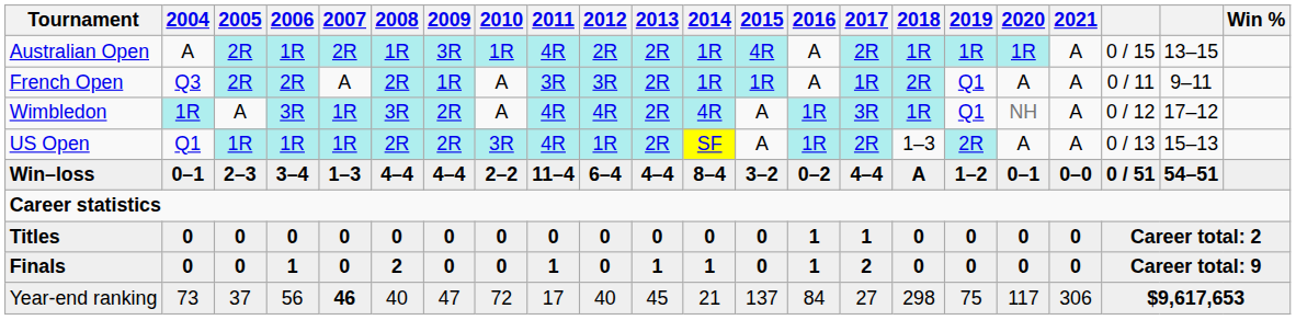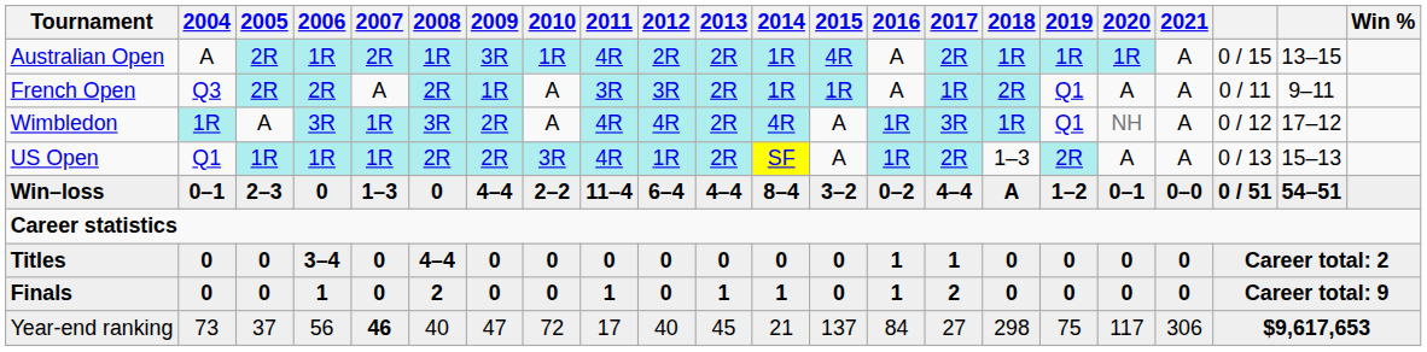 <table class="wikitable nowrap" style="text-align:center;">
 <tr>
 <th>Tournament</th>
 <th><a href='#'>2004</a></th>
 <th><a href='#'>2005</a></th>
 <th><a href='#'>2006</a></th>
 <th><a href='#'>2007</a></th>
 <th><a href='#'>2008</a></th>
 <th><a href='#'>2009</a></th>
 <th><a href='#'>2010</a></th>
 <th><a href='#'>2011</a></th>
 <th><a href='#'>2012</a></th>
 <th><a href='#'>2013</a></th>
 <th><a href='#'>2014</a></th>
 <th><a href='#'>2015</a></th>
 <th><a href='#'>2016</a></th>
 <th><a href='#'>2017</a></th>
 <th><a href='#'>2018</a></th>
 <th><a href='#'>2019</a></th>
 <th><a href='#'>2020</a></th>
 <th><a href='#'>2021</a></th>
 <th></th>
 <th></th>
 <th>Win %</th>
 </tr>
 <tr>
 <td style="text-align:left;"><a href='#'>Australian Open</a></td>
 <td>A</td>
 <td style="background:#afeeee;"><a href='#'>2R</a></td>
 <td style="background:#afeeee;"><a href='#'>1R</a></td>
 <td style="background:#afeeee;"><a href='#'>2R</a></td>
 <td style="background:#afeeee;"><a href='#'>1R</a></td>
 <td style="background:#afeeee;"><a href='#'>3R</a></td>
 <td style="background:#afeeee;"><a href='#'>1R</a></td>
 <td style="background:#afeeee;"><a href='#'>4R</a></td>
 <td style="background:#afeeee;"><a href='#'>2R</a></td>
 <td style="background:#afeeee;"><a href='#'>2R</a></td>
 <td style="background:#afeeee;"><a href='#'>1R</a></td>
 <td style="background:#afeeee;"><a href='#'>4R</a></td>
 <td>A</td>
 <td style="background:#afeeee;"><a href='#'>2R</a></td>
 <td style="background:#afeeee;"><a href='#'>1R</a></td>
 <td style="background:#afeeee;"><a href='#'>1R</a></td>
 <td style="background:#afeeee;"><a href='#'>1R</a></td>
 <td>A</td>
 <td>0 / 15</td>
 <td>13–15</td>
 <td></td>
 </tr>
 <tr>
 <td style="text-align:left;"><a href='#'>French Open</a></td>
 <td><a href='#'>Q3</a></td>
 <td style="background:#afeeee;"><a href='#'>2R</a></td>
 <td style="background:#afeeee;"><a href='#'>2R</a></td>
 <td>A</td>
 <td style="background:#afeeee;"><a href='#'>2R</a></td>
 <td style="background:#afeeee;"><a href='#'>1R</a></td>
 <td>A</td>
 <td style="background:#afeeee;"><a href='#'>3R</a></td>
 <td style="background:#afeeee;"><a href='#'>3R</a></td>
 <td style="background:#afeeee;"><a href='#'>2R</a></td>
 <td style="background:#afeeee;"><a href='#'>1R</a></td>
 <td style="background:#afeeee;"><a href='#'>1R</a></td>
 <td>A</td>
 <td style="background:#afeeee;"><a href='#'>1R</a></td>
 <td style="background:#afeeee;"><a href='#'>2R</a></td>
 <td><a href='#'>Q1</a></td>
 <td>A</td>
 <td>A</td>
 <td>0 / 11</td>
 <td>9–11</td>
 <td></td>
 </tr>
 <tr>
 <td style="text-align:left;"><a href='#'>Wimbledon</a></td>
 <td style="background:#afeeee;"><a href='#'>1R</a></td>
 <td>A</td>
 <td style="background:#afeeee;"><a href='#'>3R</a></td>
 <td style="background:#afeeee;"><a href='#'>1R</a></td>
 <td style="background:#afeeee;"><a href='#'>3R</a></td>
 <td style="background:#afeeee;"><a href='#'>2R</a></td>
 <td>A</td>
 <td style="background:#afeeee;"><a href='#'>4R</a></td>
 <td style="background:#afeeee;"><a href='#'>4R</a></td>
 <td style="background:#afeeee;"><a href='#'>2R</a></td>
 <td style="background:#afeeee;"><a href='#'>4R</a></td>
 <td>A</td>
 <td style="background:#afeeee;"><a href='#'>1R</a></td>
 <td style="background:#afeeee;"><a href='#'>3R</a></td>
 <td style="background:#afeeee;"><a href='#'>1R</a></td>
 <td><a href='#'>Q1</a></td>
 <td style="color:#767676;">NH</td>
 <td>A</td>
 <td>0 / 12</td>
 <td>17–12</td>
 <td></td>
 </tr>
 <tr>
 <td style="text-align:left;"><a href='#'>US Open</a></td>
 <td><a href='#'>Q1</a></td>
 <td style="background:#afeeee;"><a href='#'>1R</a></td>
 <td style="background:#afeeee;"><a href='#'>1R</a></td>
 <td style="background:#afeeee;"><a href='#'>1R</a></td>
 <td style="background:#afeeee;"><a href='#'>2R</a></td>
 <td style="background:#afeeee;"><a href='#'>2R</a></td>
 <td style="background:#afeeee;"><a href='#'>3R</a></td>
 <td style="background:#afeeee;"><a href='#'>4R</a></td>
 <td style="background:#afeeee;"><a href='#'>1R</a></td>
 <td style="background:#afeeee;"><a href='#'>2R</a></td>
 <td style="background:yellow;"><a href='#'>SF</a></td>
 <td>A</td>
 <td style="background:#afeeee;"><a href='#'>1R</a></td>
 <td style="background:#afeeee;"><a href='#'>2R</a></td>
 <td>1–3</td>
 <td style="background:#afeeee;"><a href='#'>2R</a></td>
 <td>A</td>
 <td>A</td>
 <td>0 / 13</td>
 <td>15–13</td>
 <td></td>
 </tr>
 <tr style="background:#efefef; font-weight:bold;">
 <td style="text-align:left;">Win–loss</td>
 <td>0–1</td>
 <td>2–3</td>
-<td>3–4</td>
+<td>0</td>
 <td>1–3</td>
-<td>4–4</td>
+<td>0</td>
 <td>4–4</td>
 <td>2–2</td>
 <td>11–4</td>
 <td>6–4</td>
 <td>4–4</td>
 <td>8–4</td>
 <td>3–2</td>
 <td>0–2</td>
 <td>4–4</td>
 <td>A</td>
 <td>1–2</td>
 <td>0–1</td>
 <td>0–0</td>
 <td>0 / 51</td>
 <td>54–51</td>
 <td></td>
 </tr>
 <tr>
 <td colspan="22" style="text-align:left;"><strong>Career statistics</strong></td>
 </tr>
 <tr style="background:#efefef; font-weight:bold;">
 <td style="text-align:left">Titles</td>
 <td>0</td>
 <td>0</td>
+<td>3–4</td>
 <td>0</td>
-<td>0</td>
-<td>0</td>
+<td>4–4</td>
 <td>0</td>
 <td>0</td>
 <td>0</td>
 <td>0</td>
 <td>0</td>
 <td>0</td>
 <td>0</td>
 <td>1</td>
 <td>1</td>
 <td>0</td>
 <td>0</td>
 <td>0</td>
 <td>0</td>
 <td colspan="3">Career total: 2</td>
 </tr>
 <tr style="background:#efefef; font-weight:bold;">
 <td style="text-align:left">Finals</td>
 <td>0</td>
 <td>0</td>
 <td>1</td>
 <td>0</td>
 <td>2</td>
 <td>0</td>
 <td>0</td>
 <td>1</td>
 <td>0</td>
 <td>1</td>
 <td>1</td>
 <td>0</td>
 <td>1</td>
 <td>2</td>
 <td>0</td>
 <td>0</td>
 <td>0</td>
 <td>0</td>
 <td colspan="3">Career total: 9</td>
 </tr>
 <tr style="background:#efefef;">
 <td style="text-align:left;">Year-end ranking</td>
 <td>73</td>
 <td>37</td>
 <td>56</td>
 <td><strong>46</strong></td>
 <td>40</td>
 <td>47</td>
 <td>72</td>
 <td>17</td>
 <td>40</td>
 <td>45</td>
 <td>21</td>
 <td>137</td>
 <td>84</td>
 <td>27</td>
 <td>298</td>
 <td>75</td>
 <td>117</td>
 <td>306</td>
 <td colspan="3"><strong>$9,617,653</strong></td>
 </tr>
 </table>
